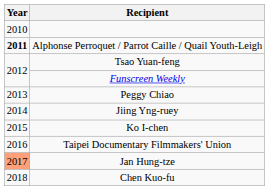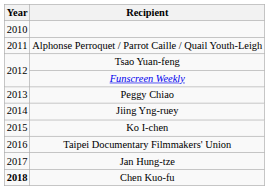 <table class="sortable wikitable" style="text-align:center">
 <tr>
 <th>Year</th>
 <th>Recipient</th>
 </tr>
 <tr>
 <td>2010</td>
 <td></td>
 </tr>
 <tr>
-<td><strong>2011</strong></td>
+<td>2011</td>
 <td>Alphonse Perroquet / Parrot Caille / Quail Youth-Leigh</td>
 </tr>
 <tr>
 <td rowspan=2>2012</td>
 <td>Tsao Yuan-feng</td>
 </tr>
 <tr>
 <td><em><a href='#'>Funscreen Weekly</a></em></td>
 </tr>
 <tr>
 <td>2013</td>
 <td>Peggy Chiao</td>
 </tr>
 <tr>
 <td>2014</td>
 <td>Jiing Yng-ruey</td>
 </tr>
 <tr>
 <td>2015</td>
 <td>Ko I-chen</td>
 </tr>
 <tr>
 <td>2016</td>
 <td>Taipei Documentary Filmmakers' Union</td>
 </tr>
 <tr>
-<td style="background: lightsalmon;">2017</td>
+<td>2017</td>
 <td>Jan Hung-tze</td>
 </tr>
 <tr>
-<td>2018</td>
+<td><strong>2018</strong></td>
 <td>Chen Kuo-fu</td>
 </tr>
 </table>
